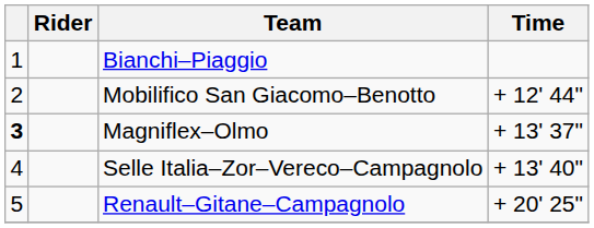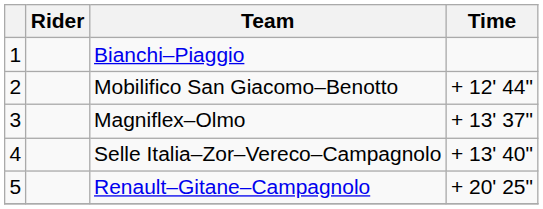 <table class="wikitable">
 <tr>
 <th></th>
 <th>Rider</th>
 <th>Team</th>
 <th>Time</th>
 </tr>
 <tr>
 <td>1</td>
 <td></td>
 <td><a href='#'>Bianchi–Piaggio</a></td>
 <td align=right></td>
 </tr>
 <tr>
 <td>2</td>
 <td></td>
 <td>Mobilifico San Giacomo–Benotto</td>
 <td align=right>+ 12' 44"</td>
 </tr>
 <tr>
-<td><strong>3</strong></td>
+<td>3</td>
 <td></td>
 <td>Magniflex–Olmo</td>
 <td align=right>+ 13' 37"</td>
 </tr>
 <tr>
 <td>4</td>
 <td></td>
 <td>Selle Italia–Zor–Vereco–Campagnolo</td>
 <td align=right>+ 13' 40"</td>
 </tr>
 <tr>
 <td>5</td>
 <td></td>
 <td><a href='#'>Renault–Gitane–Campagnolo</a></td>
 <td align=right>+ 20' 25"</td>
 </tr>
 <tr>
 </tr>
 </table>
